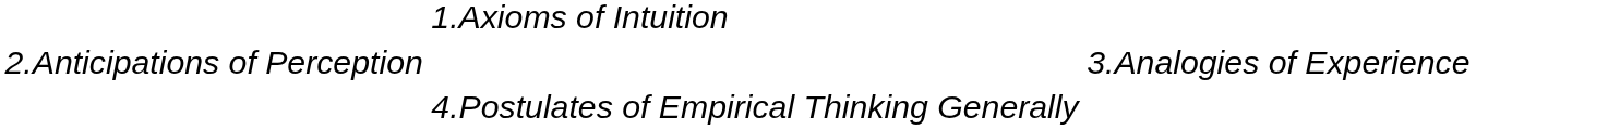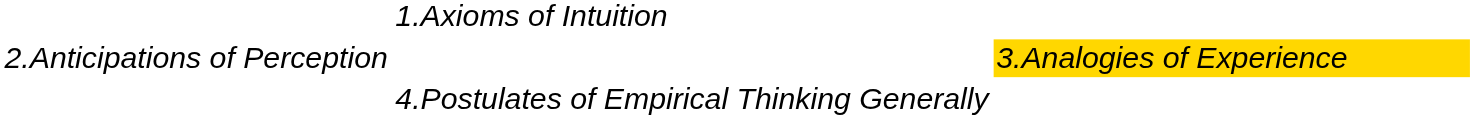 <table style="margin: auto;">
 <tr>
 <td></td>
 <td><em>1.Axioms of Intuition</em></td>
 <td></td>
 </tr>
 <tr>
 <td><em>2.Anticipations of Perception</em></td>
 <td></td>
-<td width=250><em>3.Analogies of Experience</em></td>
+<td width=250 style="background: gold;"><em>3.Analogies of Experience</em></td>
 <td></td>
 </tr>
 <tr>
 <td></td>
 <td><em>4.Postulates of Empirical Thinking Generally</em></td>
 </tr>
 </table>
